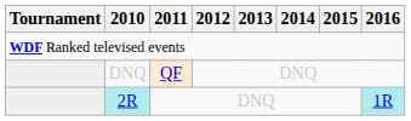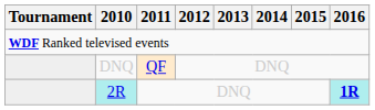 <table class="wikitable" style="width:20%; margin:0">
 <tr>
 <th>Tournament</th>
 <th>2010</th>
 <th>2011</th>
 <th>2012</th>
 <th>2013</th>
 <th>2014</th>
 <th>2015</th>
 <th>2016</th>
 </tr>
 <tr>
 <td colspan="8" style="text-align:left"><small><strong><a href='#'>WDF</a> </strong>Ranked televised events</small></td>
 </tr>
 <tr>
 <td style="background:#efefef;"></td>
 <td style="text-align:center; color:#ccc;">DNQ</td>
 <td style="text-align:center; background:#ffebcd;"><a href='#'>QF</a></td>
 <td colspan="11" style="text-align:center; color:#ccc;">DNQ</td>
 </tr>
 <tr>
 <td style="background:#efefef;"></td>
 <td style="text-align:center; background:#afeeee;"><a href='#'>2R</a></td>
 <td colspan="5" style="text-align:center; color:#ccc;">DNQ</td>
-<td style="text-align:center; background:#afeeee;"><a href='#'>1R</a></td>
+<td style="text-align:center; background:#afeeee;"><strong><a href='#'>1R</a></strong></td>
 </tr>
 </table>
